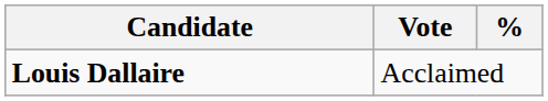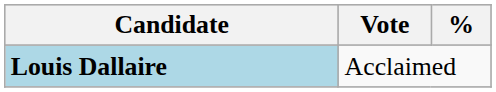 <table class="wikitable">
 <tr>
 <th bgcolor="#DDDDFF" width="200px">Candidate</th>
 <th bgcolor="#DDDDFF" width="50px">Vote</th>
 <th bgcolor="#DDDDFF" width="30px">%</th>
 </tr>
 <tr>
-<td><strong>Louis Dallaire</strong></td>
+<td style="background: lightblue;"><strong>Louis Dallaire</strong></td>
 <td colspan="2">Acclaimed</td>
 </tr>
 </table>
